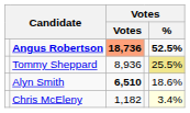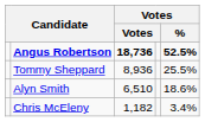 <table class="wikitable" style="font-size:95%;">
 <tr>
 <th colspan="2" scope="col" rowspan="2" style="width:125px;">Candidate</th>
 <th scope="col" colspan="3" style="width:75px;">Votes</th>
 </tr>
 <tr>
 <th scope="col" colspan="2">Votes</th>
 <th>%</th>
 </tr>
 <tr style="text-align:right;">
 <td style="background-color: "></td>
 <td scope="row" style="text-align:left;"><strong><a href='#'>Angus Robertson</a></strong> </td>
-<td style="background: lightsalmon;"><strong>18,736</strong></td>
+<td><strong>18,736</strong></td>
 <td align=center></td>
 <td><strong>52.5%</strong></td>
 </tr>
 <tr style="text-align:right;">
 <td style="background-color: "></td>
 <td scope="row" style="text-align:left;"><a href='#'>Tommy Sheppard</a></td>
 <td>8,936</td>
 <td align=center></td>
-<td style="background: khaki;">25.5%</td>
+<td>25.5%</td>
 </tr>
 <tr style="text-align:right;">
 <td style="background-color: "></td>
 <td scope="row" style="text-align:left;"><a href='#'>Alyn Smith</a></td>
-<td><strong>6,510</strong></td>
+<td>6,510</td>
 <td align=center></td>
 <td>18.6%</td>
 </tr>
 <tr style="text-align:right;">
 <td style="background-color: "></td>
 <td scope="row" style="text-align:left;"><a href='#'>Chris McEleny</a></td>
 <td>1,182</td>
 <td align=center></td>
-<td style="background: lightyellow;">3.4%</td>
+<td>3.4%</td>
 </tr>
 </table>
